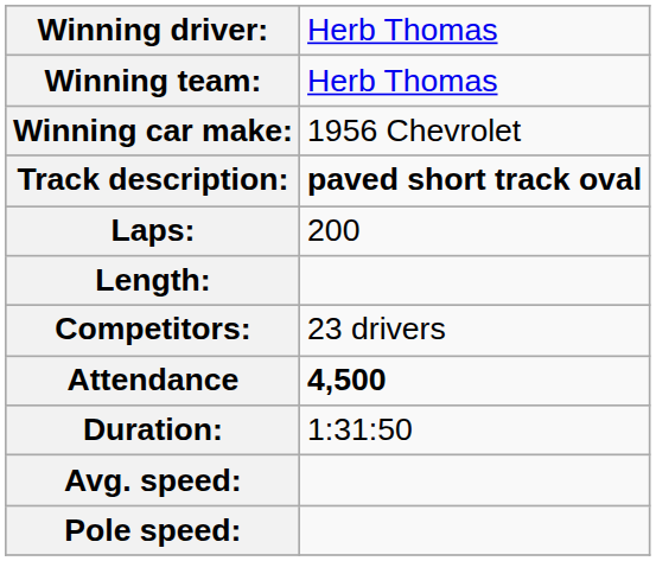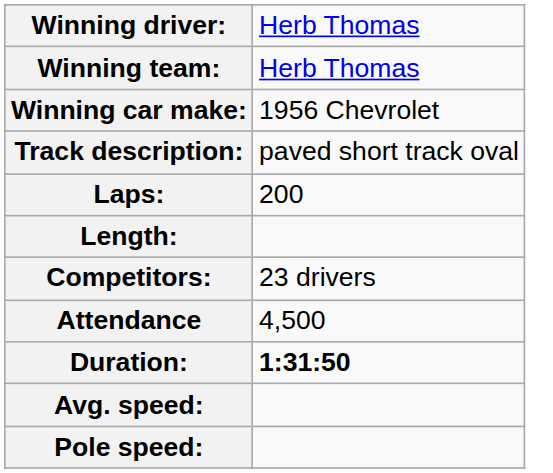 <table class="wikitable" style=text-align:left>
 <tr>
 <th>Winning driver:</th>
 <td><a href='#'>Herb Thomas</a></td>
 </tr>
 <tr>
 <th>Winning team:</th>
 <td><a href='#'>Herb Thomas</a></td>
 </tr>
 <tr>
 <th>Winning car make:</th>
 <td>1956 Chevrolet</td>
 </tr>
 <tr>
 <th>Track description:</th>
-<td><strong> paved short track oval</strong></td>
+<td> paved short track oval</td>
 </tr>
 <tr>
 <th>Laps:</th>
 <td>200</td>
 </tr>
 <tr>
 <th>Length:</th>
 <td></td>
 </tr>
 <tr>
 <th>Competitors:</th>
 <td>23 drivers</td>
 </tr>
 <tr>
 <th>Attendance</th>
-<td><strong>4,500</strong></td>
+<td>4,500</td>
 </tr>
 <tr>
 <th>Duration:</th>
-<td>1:31:50</td>
+<td><strong>1:31:50</strong></td>
 </tr>
 <tr>
 <th>Avg. speed:</th>
 <td></td>
 </tr>
 <tr>
 <th>Pole speed:</th>
 <td></td>
 </tr>
 </table>
